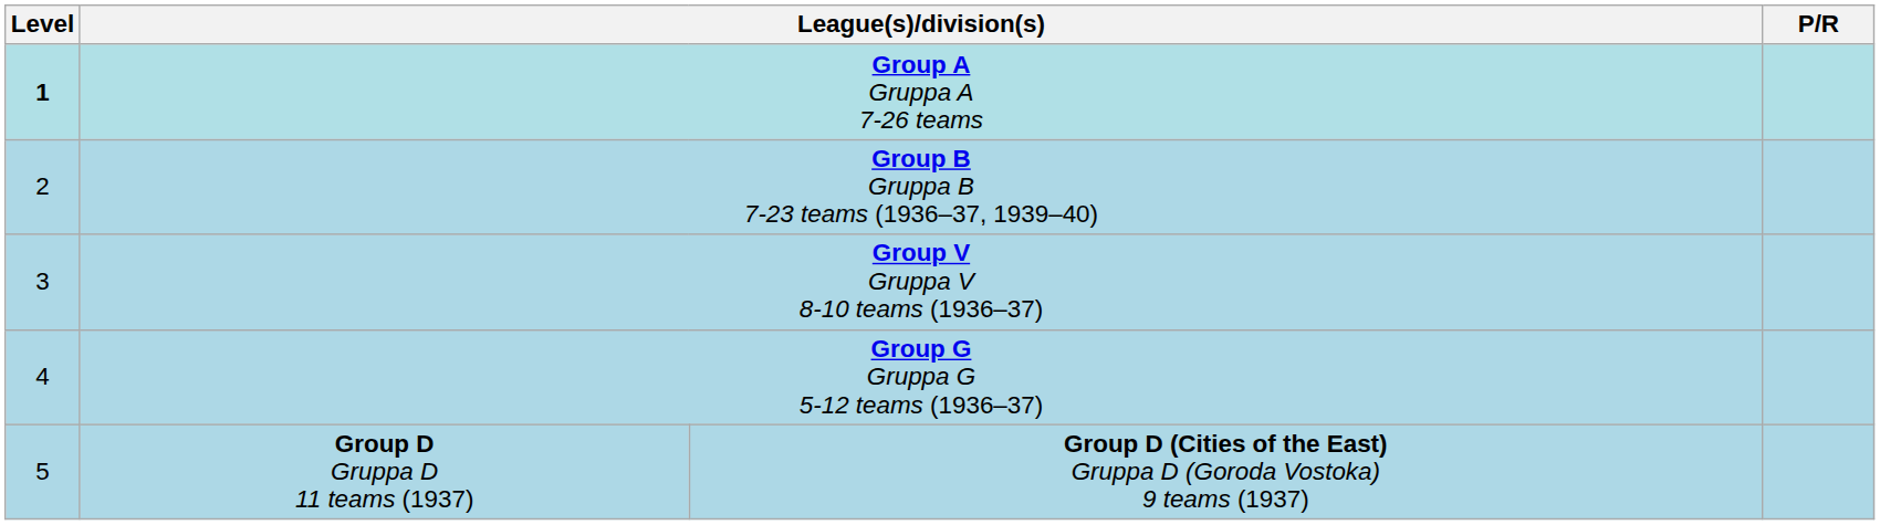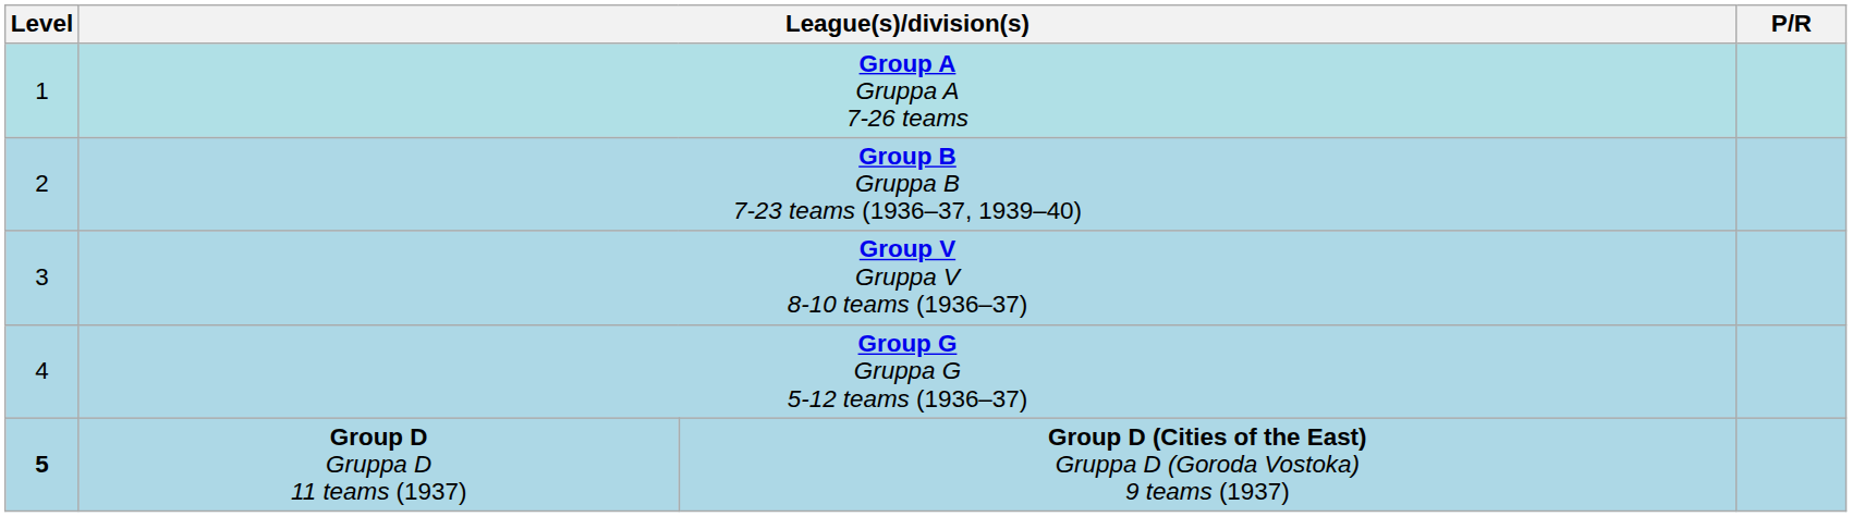 <table class="wikitable" style="text-align:center">
 <tr>
 <th style="width:4%">Level</th>
 <th colspan="2" style="width:90%">League(s)/division(s)</th>
 <th style="width:6%">P/R</th>
 </tr>
 <tr bgcolor=powderblue>
-<td><strong>1</strong></td>
+<td>1</td>
 <td colspan="2"><strong><a href='#'>Group A</a></strong><br><em>Gruppa A</em><br><em>7-26 teams</em></td>
 <td><br></td>
 </tr>
 <tr bgcolor=lightblue>
 <td>2</td>
 <td colspan="2"><strong><a href='#'>Group B</a></strong><br><em>Gruppa B</em><br><em>7-23 teams</em> (1936–37, 1939–40)</td>
 <td> <br></td>
 </tr>
 <tr bgcolor=lightblue>
 <td>3</td>
 <td colspan="2"><strong><a href='#'>Group V</a></strong> <br><em>Gruppa V</em><br><em>8-10 teams</em> (1936–37)</td>
 <td></td>
 </tr>
 <tr bgcolor=lightblue>
 <td>4</td>
 <td colspan="2"><strong><a href='#'>Group G</a></strong> <br><em>Gruppa G</em><br><em>5-12 teams</em> (1936–37)</td>
 <td></td>
 </tr>
 <tr bgcolor=lightblue>
-<td>5</td>
+<td><strong>5</strong></td>
 <td><strong>Group D</strong> <br><em>Gruppa D</em><br><em>11 teams</em> (1937)</td>
 <td><strong>Group D (Cities of the East)</strong> <br><em>Gruppa D (Goroda Vostoka)</em><br><em>9 teams</em> (1937)</td>
 <td></td>
 </tr>
 </table>
